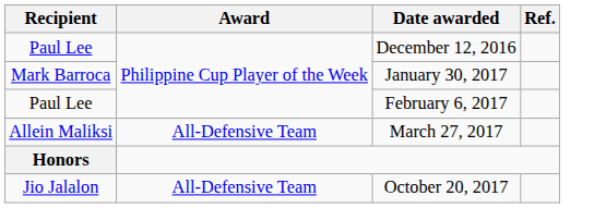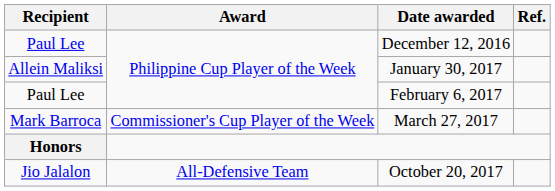 <table class="wikitable sortable sortable" style="text-align: center">
 <tr>
 <th>Recipient</th>
 <th>Award</th>
 <th>Date awarded</th>
 <th>Ref.</th>
 </tr>
 <tr>
 <td><a href='#'>Paul Lee</a></td>
 <td rowspan=3><a href='#'>Philippine Cup Player of the Week</a></td>
 <td>December 12, 2016</td>
 <td align=center></td>
 </tr>
 <tr>
-<td><a href='#'>Mark Barroca</a></td>
+<td><a href='#'>Allein Maliksi</a></td>
 <td>January 30, 2017</td>
 <td align=center></td>
 </tr>
 <tr>
 <td>Paul Lee</td>
 <td>February 6, 2017</td>
 <td align=center></td>
 </tr>
 <tr>
-<td><a href='#'>Allein Maliksi</a></td>
-<td><a href='#'>All-Defensive Team</a></td>
+<td><a href='#'>Mark Barroca</a></td>
+<td><a href='#'>Commissioner's Cup Player of the Week</a></td>
 <td>March 27, 2017</td>
 <td align=center></td>
 </tr>
 <tr>
 <th>Honors</th>
 </tr>
 <tr>
 <td><a href='#'>Jio Jalalon</a></td>
 <td><a href='#'>All-Defensive Team</a></td>
 <td>October 20, 2017</td>
 <td align=center></td>
 </tr>
 </table>
